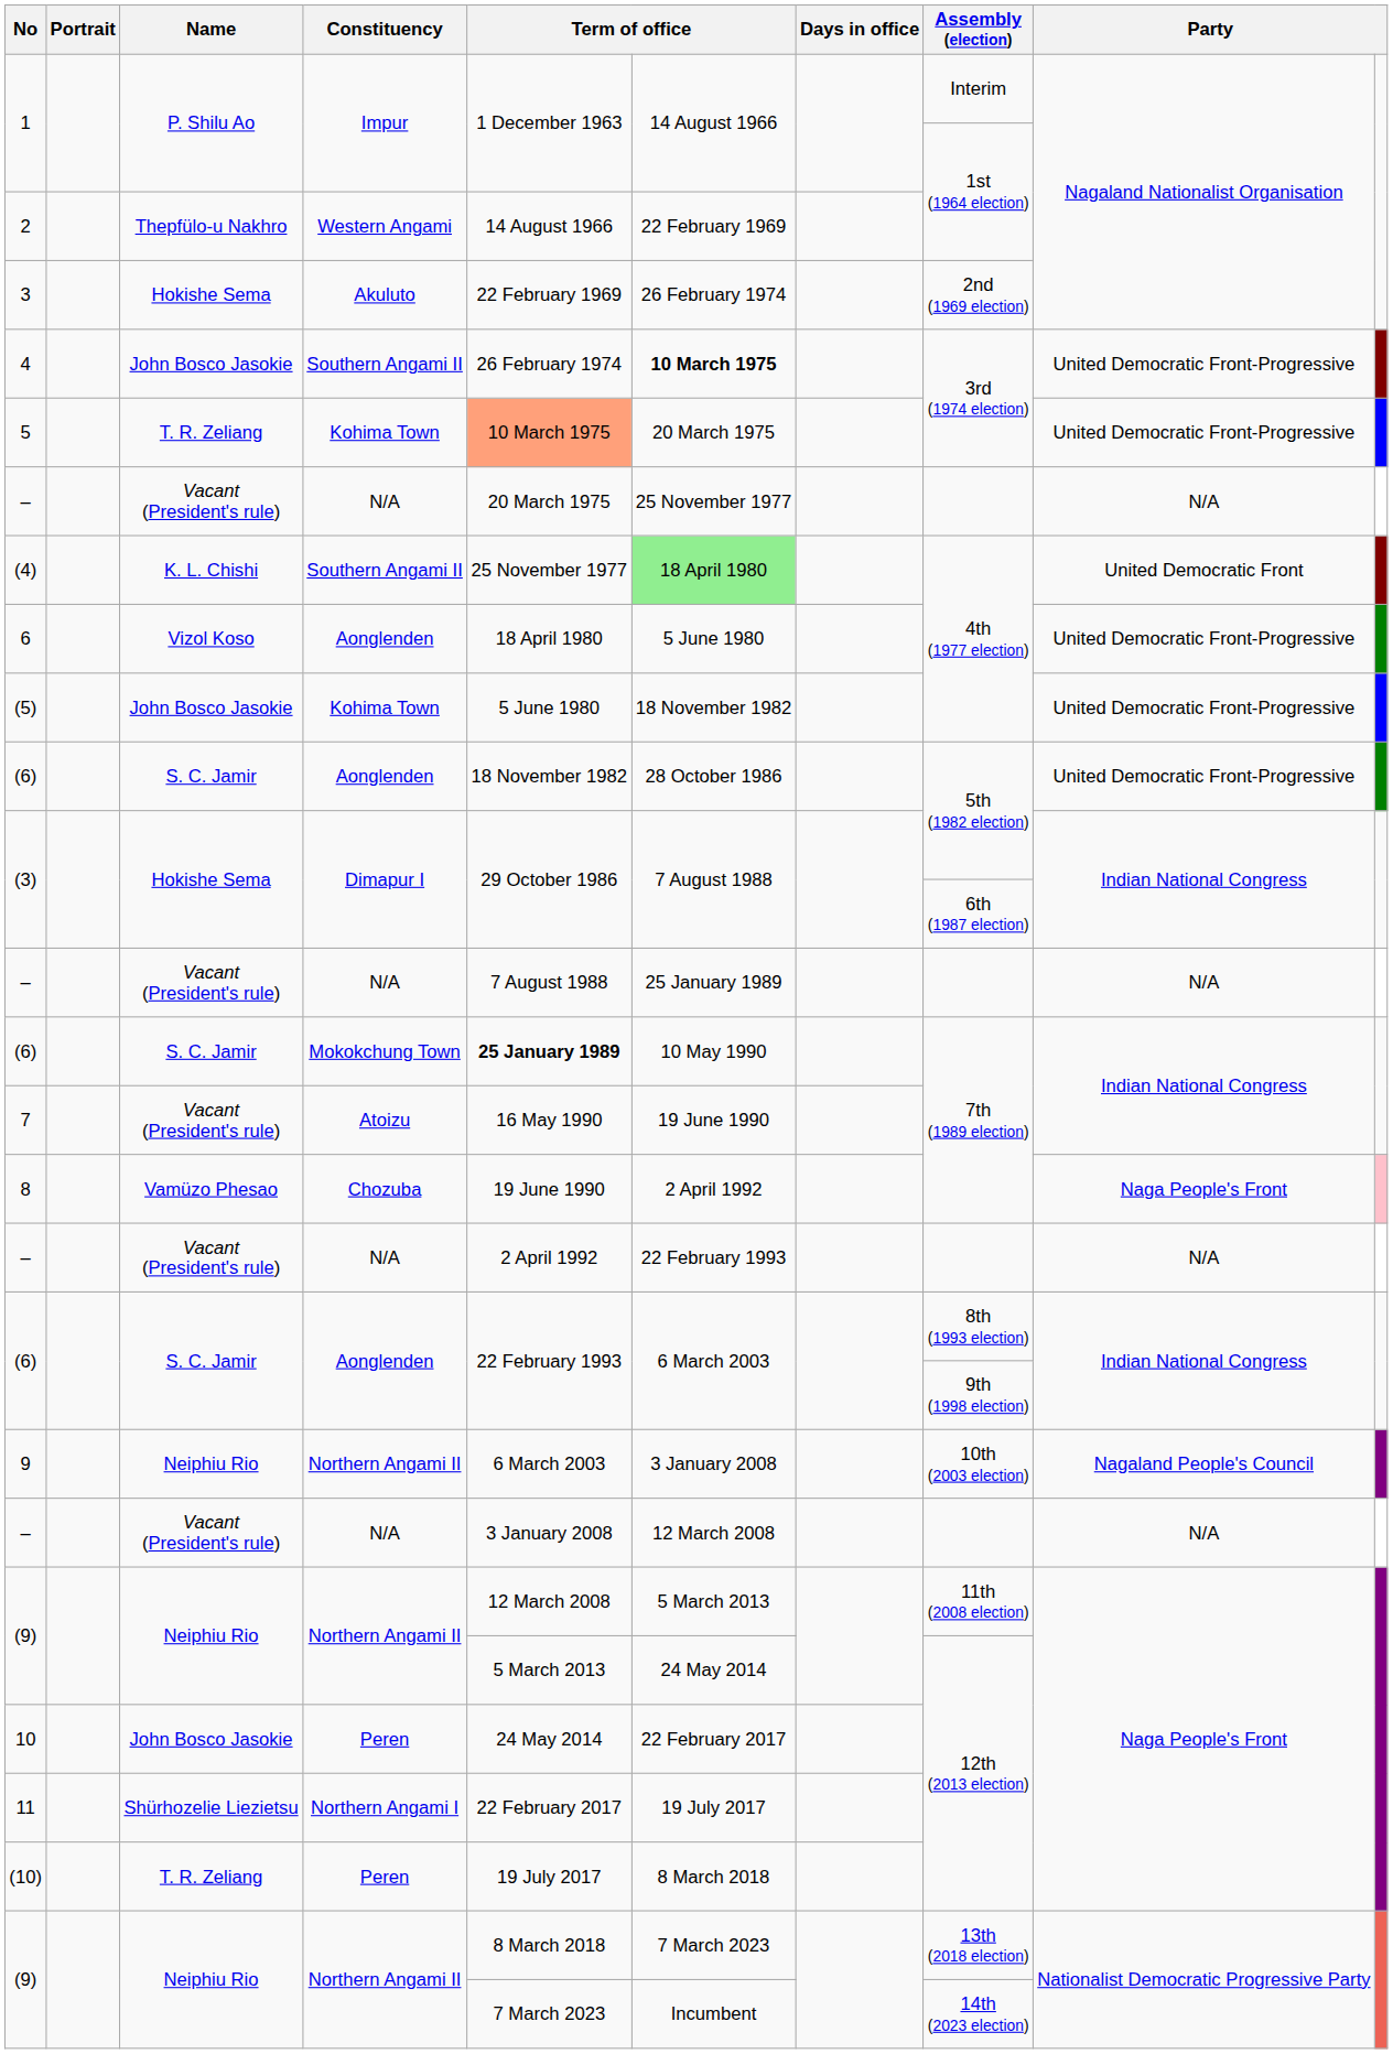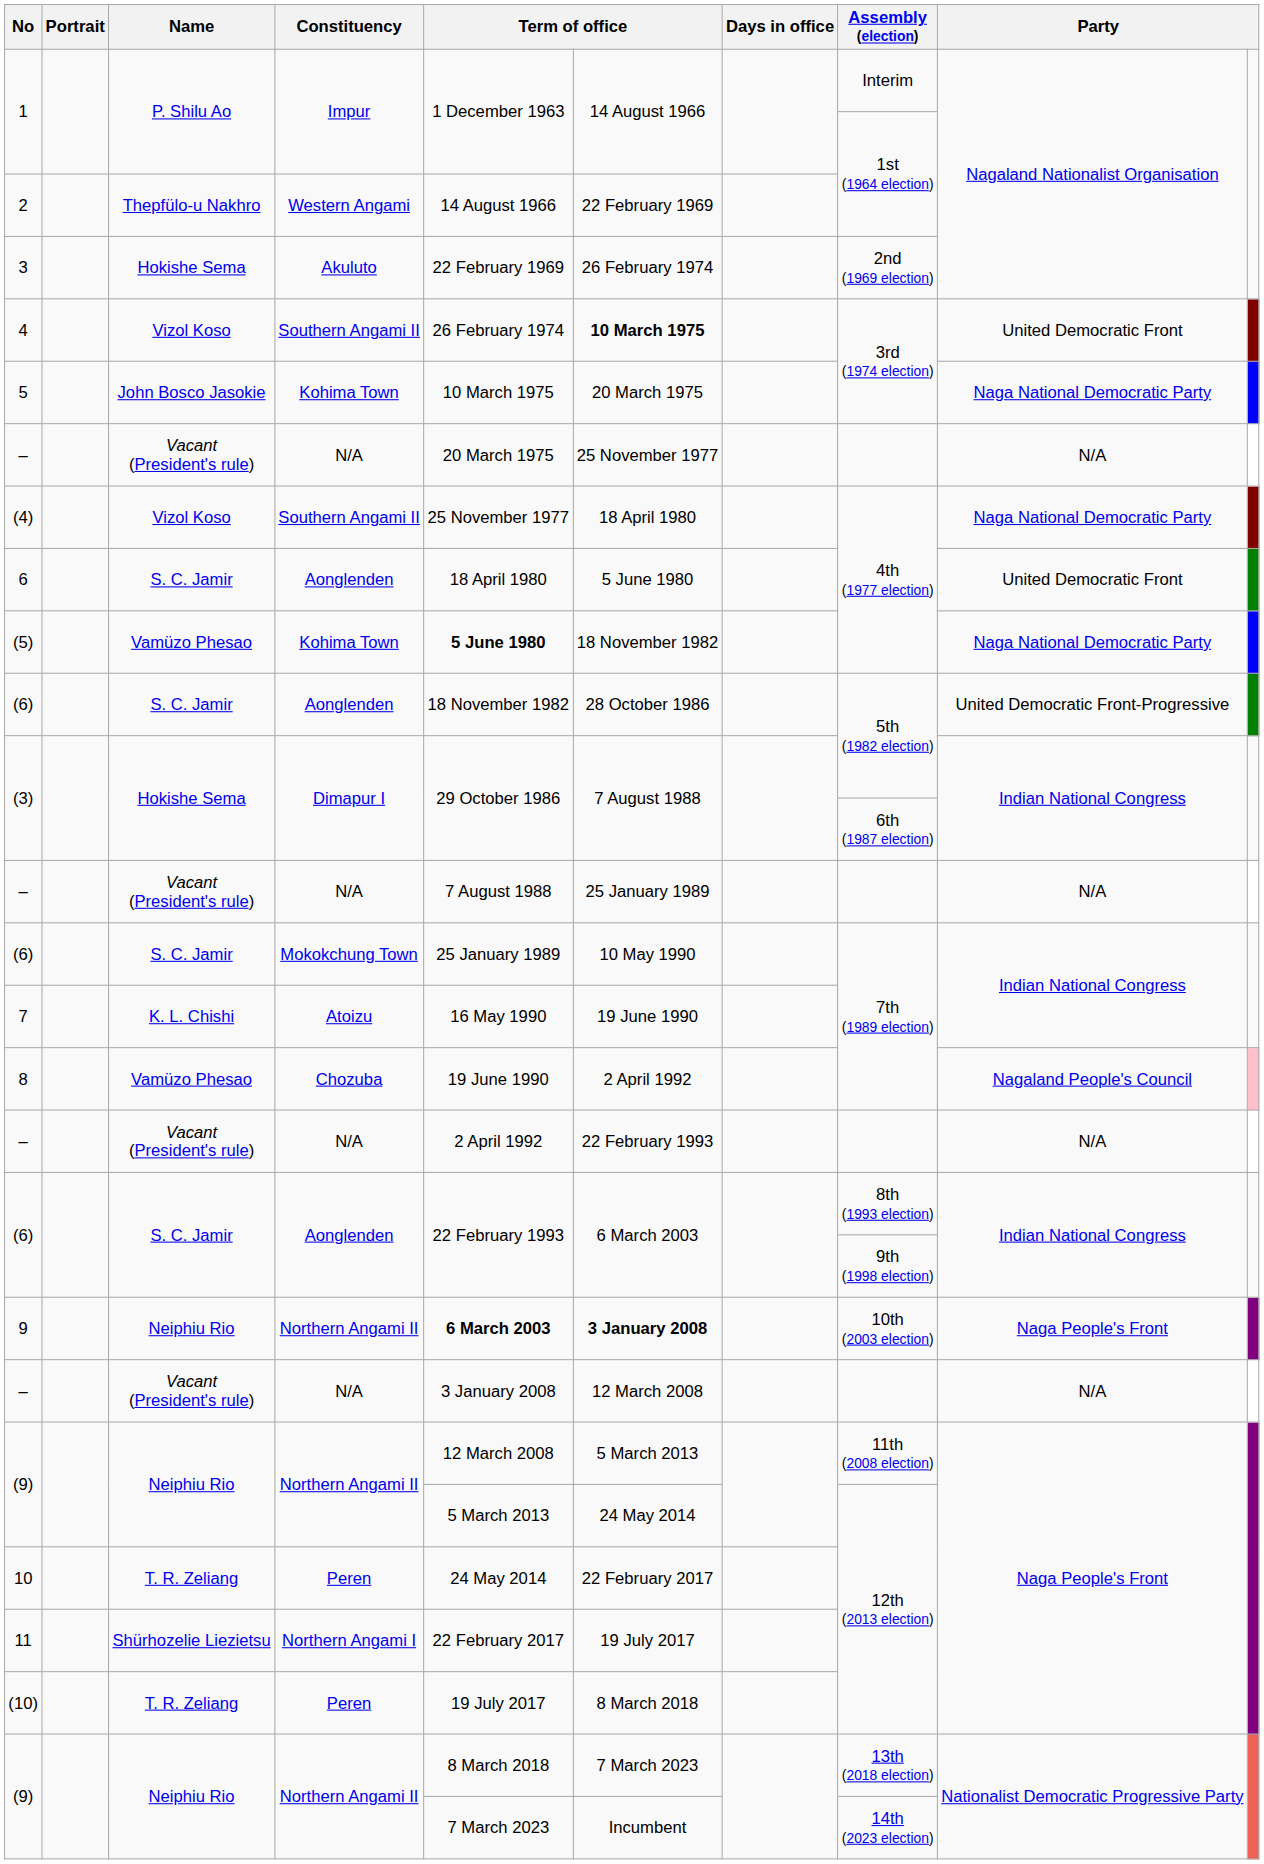 <table class="wikitable">
 <tr>
 <th>No</th>
 <th>Portrait</th>
 <th>Name</th>
 <th>Constituency</th>
 <th colspan=2>Term of office</th>
 <th>Days in office</th>
 <th><a href='#'>Assembly</a><br><small>(<a href='#'>election</a>)</small></th>
 <th colspan=2>Party</th>
 </tr>
 <tr align=center style="height: 60px;">
 <td rowspan="2">1</td>
 <td rowspan="2"></td>
 <td rowspan="2"><a href='#'>P. Shilu Ao</a></td>
 <td rowspan="2"><a href='#'>Impur</a></td>
 <td rowspan="2">1 December 1963</td>
 <td rowspan="2">14 August 1966</td>
 <td rowspan="2"></td>
 <td>Interim</td>
 <td rowspan="4"><a href='#'>Nagaland Nationalist Organisation</a></td>
 <td rowspan="4"></td>
 </tr>
 <tr align=center style="height: 60px;">
 <td rowspan="2">1st<br><small>(<a href='#'>1964 election</a>)</small></td>
 </tr>
 <tr align=center style="height: 60px;">
 <td>2</td>
 <td></td>
 <td><a href='#'>Thepfülo-u Nakhro</a></td>
 <td><a href='#'>Western Angami</a></td>
 <td>14 August 1966</td>
 <td>22 February 1969</td>
 <td></td>
 </tr>
 <tr align=center style="height: 60px;">
 <td>3</td>
 <td></td>
 <td><a href='#'>Hokishe Sema</a></td>
 <td><a href='#'>Akuluto</a></td>
 <td>22 February 1969</td>
 <td>26 February 1974</td>
 <td></td>
 <td>2nd<br><small>(<a href='#'>1969 election</a>)</small></td>
 </tr>
 <tr align=center style="height: 60px;">
 <td>4</td>
 <td></td>
-<td><a href='#'>John Bosco Jasokie</a></td>
+<td><a href='#'>Vizol Koso</a></td>
 <td><a href='#'>Southern Angami II</a></td>
 <td>26 February 1974</td>
 <td><strong>10 March 1975</strong></td>
 <td></td>
 <td rowspan="2">3rd<br><small>(<a href='#'>1974 election</a>)</small></td>
-<td>United Democratic Front-Progressive</td>
+<td>United Democratic Front</td>
 <td width="4px" style="background-color: maroon"></td>
 </tr>
 <tr align=center style="height: 60px;">
 <td>5</td>
 <td></td>
-<td><a href='#'>T. R. Zeliang</a></td>
+<td><a href='#'>John Bosco Jasokie</a></td>
 <td><a href='#'>Kohima Town</a></td>
-<td style="background: lightsalmon;">10 March 1975</td>
+<td>10 March 1975</td>
 <td>20 March 1975</td>
 <td></td>
-<td>United Democratic Front-Progressive</td>
+<td><a href='#'>Naga National Democratic Party</a></td>
 <td width="4px" style="background-color: blue"></td>
 </tr>
 <tr align=center style="height: 60px;">
 <td>–</td>
 <td></td>
 <td><em>Vacant</em><br>(<a href='#'>President's rule</a>)</td>
 <td>N/A</td>
 <td>20 March 1975</td>
 <td>25 November 1977</td>
 <td></td>
 <td></td>
 <td>N/A</td>
 <td width="4px" style="background-color: white"></td>
 </tr>
 <tr align=center style="height: 60px;">
 <td>(4)</td>
 <td></td>
-<td><a href='#'>K. L. Chishi</a></td>
+<td><a href='#'>Vizol Koso</a></td>
 <td><a href='#'>Southern Angami II</a></td>
 <td>25 November 1977</td>
-<td style="background: lightgreen;">18 April 1980</td>
+<td>18 April 1980</td>
 <td></td>
 <td rowspan="3">4th<br><small>(<a href='#'>1977 election</a>)</small></td>
-<td>United Democratic Front</td>
+<td><a href='#'>Naga National Democratic Party</a></td>
 <td width="4px" style="background-color: maroon"></td>
 </tr>
 <tr align=center style="height: 60px;">
 <td>6</td>
 <td></td>
-<td><a href='#'>Vizol Koso</a></td>
+<td><a href='#'>S. C. Jamir</a></td>
 <td><a href='#'>Aonglenden</a></td>
 <td>18 April 1980</td>
 <td>5 June 1980</td>
 <td></td>
-<td>United Democratic Front-Progressive</td>
+<td>United Democratic Front</td>
 <td width="4px" style="background-color:green"></td>
 </tr>
 <tr align=center style="height: 60px;">
 <td>(5)</td>
 <td></td>
-<td><a href='#'>John Bosco Jasokie</a></td>
+<td><a href='#'>Vamüzo Phesao</a></td>
 <td><a href='#'>Kohima Town</a></td>
-<td>5 June 1980</td>
+<td><strong>5 June 1980</strong></td>
 <td>18 November 1982</td>
 <td></td>
-<td>United Democratic Front-Progressive</td>
+<td><a href='#'>Naga National Democratic Party</a></td>
 <td width="4px" style="background-color: blue"></td>
 </tr>
 <tr align=center style="height: 60px;">
 <td>(6)</td>
 <td></td>
 <td><a href='#'>S. C. Jamir</a></td>
 <td><a href='#'>Aonglenden</a></td>
 <td>18 November 1982</td>
 <td>28 October 1986</td>
 <td></td>
 <td rowspan="2">5th<br><small>(<a href='#'>1982 election</a>)</small></td>
 <td>United Democratic Front-Progressive</td>
 <td width="4px" style="background-color:green"></td>
 </tr>
 <tr align=center style="height: 60px;">
 <td rowspan="2">(3)</td>
 <td rowspan="2"></td>
 <td rowspan="2"><a href='#'>Hokishe Sema</a></td>
 <td rowspan="2"><a href='#'>Dimapur I</a></td>
 <td rowspan="2">29 October 1986</td>
 <td rowspan="2">7 August 1988</td>
 <td rowspan="2"></td>
 <td rowspan="2"><a href='#'>Indian National Congress</a></td>
 <td rowspan="2" width="4px" style="background-color: "></td>
 </tr>
 <tr align="center" style="height: 60px;">
 <td>6th<br><small>(<a href='#'>1987 election</a>)</small></td>
 </tr>
 <tr align="center" style="height: 60px;">
 <td>–</td>
 <td></td>
 <td><em>Vacant</em><br>(<a href='#'>President's rule</a>)</td>
 <td>N/A</td>
 <td>7 August 1988</td>
 <td>25 January 1989</td>
 <td></td>
 <td></td>
 <td>N/A</td>
 <td width="4px" style="background-color: white"></td>
 </tr>
 <tr align="center" style="height: 60px;">
 <td>(6)</td>
 <td></td>
 <td><a href='#'>S. C. Jamir</a></td>
 <td><a href='#'>Mokokchung Town</a></td>
-<td><strong>25 January 1989</strong></td>
+<td>25 January 1989</td>
 <td>10 May 1990</td>
 <td></td>
 <td rowspan="3">7th<br><small>(<a href='#'>1989 election</a>)</small></td>
 <td rowspan="2"><a href='#'>Indian National Congress</a></td>
 <td rowspan="2" width="4px" style="background-color: "></td>
 </tr>
 <tr align=center style="height: 60px;">
 <td>7</td>
 <td></td>
-<td><em>Vacant</em><br>(<a href='#'>President's rule</a>)</td>
+<td><a href='#'>K. L. Chishi</a></td>
 <td><a href='#'>Atoizu</a></td>
 <td>16 May 1990</td>
 <td>19 June 1990</td>
 <td></td>
 </tr>
 <tr align=center style="height: 60px;">
 <td>8</td>
 <td></td>
 <td><a href='#'>Vamüzo Phesao</a></td>
 <td><a href='#'>Chozuba</a></td>
 <td>19 June 1990</td>
 <td>2 April 1992</td>
 <td></td>
-<td><a href='#'>Naga People's Front</a></td>
+<td><a href='#'>Nagaland People's Council</a></td>
 <td width="4px" style="background-color: pink"></td>
 </tr>
 <tr align=center style="height: 60px;">
 <td>–</td>
 <td></td>
 <td><em>Vacant</em><br>(<a href='#'>President's rule</a>)</td>
 <td>N/A</td>
 <td>2 April 1992</td>
 <td>22 February 1993</td>
 <td></td>
 <td></td>
 <td>N/A</td>
 <td width="4px" style="background-color: white"></td>
 </tr>
 <tr align=center style="height: 60px;">
 <td rowspan="2">(6)</td>
 <td rowspan="2"></td>
 <td rowspan="2"><a href='#'>S. C. Jamir</a></td>
 <td rowspan="2"><a href='#'>Aonglenden</a></td>
 <td rowspan="2">22 February 1993</td>
 <td rowspan="2">6 March 2003</td>
 <td rowspan="2"></td>
 <td>8th<br><small>(<a href='#'>1993 election</a>)</small></td>
 <td rowspan="2"><a href='#'>Indian National Congress</a></td>
 <td rowspan="2" width="4px" style="background-color: "></td>
 </tr>
 <tr align=center style="height: 60px;">
 <td>9th<br><small>(<a href='#'>1998 election</a>)</small></td>
 </tr>
 <tr align="center" style="height: 60px;">
 <td>9</td>
 <td></td>
 <td><a href='#'>Neiphiu Rio</a></td>
 <td><a href='#'>Northern Angami II</a></td>
-<td>6 March 2003</td>
-<td>3 January 2008</td>
+<td><strong>6 March 2003</strong></td>
+<td><strong>3 January 2008</strong></td>
 <td></td>
 <td>10th<br><small>(<a href='#'>2003 election</a>)</small></td>
-<td><a href='#'>Nagaland People's Council</a></td>
+<td><a href='#'>Naga People's Front</a></td>
 <td width="4px" style="background-color: purple"></td>
 </tr>
 <tr align="center" style="height: 60px;">
 <td>–</td>
 <td></td>
 <td><em>Vacant</em><br>(<a href='#'>President's rule</a>)</td>
 <td>N/A</td>
 <td>3 January 2008</td>
 <td>12 March 2008</td>
 <td></td>
 <td></td>
 <td>N/A</td>
 <td width="4px" style="background-color: white"></td>
 </tr>
 <tr align="center" style="height: 60px;">
 <td rowspan="2">(9)</td>
 <td rowspan="2"></td>
 <td rowspan="2"><a href='#'>Neiphiu Rio</a></td>
 <td rowspan="2"><a href='#'>Northern Angami II</a></td>
 <td>12 March 2008</td>
 <td>5 March 2013</td>
 <td rowspan="2"></td>
 <td>11th<br><small>(<a href='#'>2008 election</a>)</small></td>
 <td rowspan="5"><a href='#'>Naga People's Front</a></td>
 <td rowspan="5" width="4px" style="background-color: purple"></td>
 </tr>
 <tr align=center style="height: 60px;">
 <td>5 March 2013</td>
 <td>24 May 2014</td>
 <td rowspan="4">12th<br><small>(<a href='#'>2013 election</a>)</small></td>
 </tr>
 <tr align=center style="height: 60px;">
 <td>10</td>
 <td></td>
-<td><a href='#'>John Bosco Jasokie</a></td>
+<td><a href='#'>T. R. Zeliang</a></td>
 <td><a href='#'>Peren</a></td>
 <td>24 May 2014</td>
 <td>22 February 2017</td>
 <td></td>
 </tr>
 <tr align=center style="height: 60px;">
 <td>11</td>
 <td></td>
 <td><a href='#'>Shürhozelie Liezietsu</a></td>
 <td><a href='#'>Northern Angami I</a></td>
 <td>22 February 2017</td>
 <td>19 July 2017</td>
 <td></td>
 </tr>
 <tr align=center style="height: 60px;">
 <td>(10)</td>
 <td></td>
 <td><a href='#'>T. R. Zeliang</a></td>
 <td><a href='#'>Peren</a></td>
 <td>19 July 2017</td>
 <td>8 March 2018</td>
 <td></td>
 </tr>
 <tr align=center style="height: 60px;">
 <td rowspan="2">(9)</td>
 <td rowspan="2"></td>
 <td rowspan="2"><a href='#'>Neiphiu Rio</a></td>
 <td rowspan="2"><a href='#'>Northern Angami II</a></td>
 <td>8 March 2018</td>
 <td>7 March 2023</td>
 <td rowspan="2"></td>
 <td><a href='#'>13th</a><br><small>(<a href='#'>2018 election</a>)</small></td>
 <td rowspan="2"><a href='#'>Nationalist Democratic Progressive Party</a></td>
 <td rowspan="2" width="4px" bgcolor="#ed6255"></td>
 </tr>
 <tr align=center style="height: 60px;">
 <td>7 March 2023</td>
 <td>Incumbent</td>
 <td><a href='#'>14th</a><br><small>(<a href='#'>2023 election</a>)</small></td>
 </tr>
 </table>
